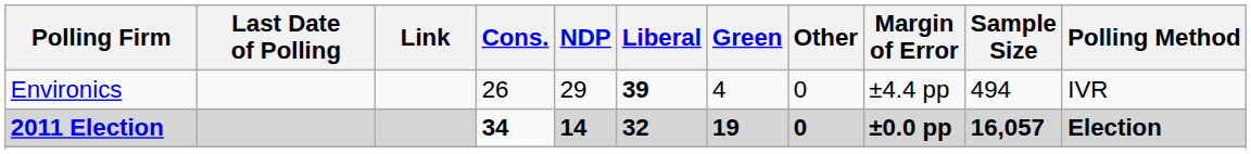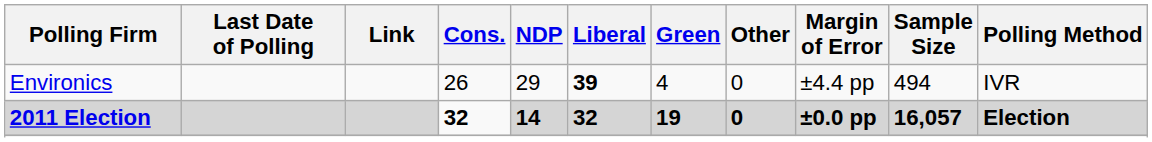 <table class="wikitable sortable">
 <tr style="background:#e9e9e9;">
 <th style="width:120px">Polling Firm</th>
 <th style="width:110px">Last Date<br>of Polling</th>
 <th style="width:60px" class="unsortable">Link</th>
 <th style="background-color:"><strong><a href='#'>Cons.</a></strong></th>
 <th style="background-color:"><strong><a href='#'>NDP</a></strong></th>
 <th style="background-color:"><strong><a href='#'>Liberal</a></strong></th>
 <th style="background-color:"><strong><a href='#'>Green</a></strong></th>
 <th style="background-color:"><strong>Other</strong></th>
 <th style="width:60px;" class=unsortable>Margin<br>of Error</th>
 <th style="width:50px;" class=unsortable>Sample<br>Size</th>
 <th class=unsortable>Polling Method</th>
 </tr>
 <tr>
 <td><a href='#'>Environics</a></td>
 <td></td>
 <td></td>
 <td>26</td>
 <td>29</td>
 <td><strong>39</strong></td>
 <td>4</td>
 <td>0</td>
 <td>±4.4 pp</td>
 <td>494</td>
 <td>IVR</td>
 </tr>
 <tr>
 <td style="background:#D5D5D5"><strong><a href='#'>2011 Election</a></strong></td>
 <td style="background:#D5D5D5"><strong></strong></td>
 <td style="background:#D5D5D5"></td>
-<td><strong>34</strong></td>
+<td><strong>32</strong></td>
 <td style="background:#D5D5D5"><strong>14</strong></td>
 <td style="background:#D5D5D5"><strong>32</strong></td>
 <td style="background:#D5D5D5"><strong>19</strong></td>
 <td style="background:#D5D5D5"><strong>0</strong></td>
 <td style="background:#D5D5D5"><strong>±0.0 pp</strong></td>
 <td style="background:#D5D5D5"><strong>16,057</strong></td>
 <td style="background:#D5D5D5"><strong>Election</strong></td>
 </tr>
 <tr>
 </tr>
 <tr>
 </tr>
 </table>
